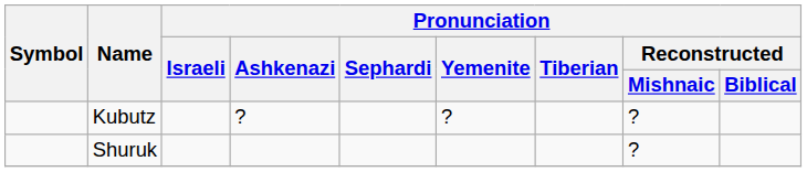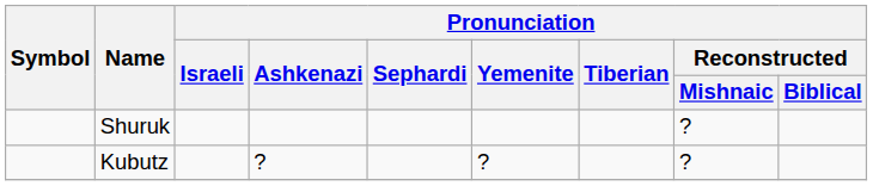 <table class="wikitable">
 <tr>
 <th rowspan=3>Symbol</th>
 <th rowspan=3>Name</th>
 <th ! colspan=7><a href='#'>Pronunciation</a></th>
 </tr>
 <tr>
 <th ! rowspan=2><a href='#'>Israeli</a></th>
 <th ! rowspan=2><a href='#'>Ashkenazi</a></th>
 <th ! rowspan=2><a href='#'>Sephardi</a></th>
 <th ! rowspan=2><a href='#'>Yemenite</a></th>
 <th ! rowspan=2><a href='#'>Tiberian</a></th>
 <th ! colspan=2>Reconstructed</th>
 </tr>
 <tr>
 <th><a href='#'>Mishnaic</a></th>
 <th><a href='#'>Biblical</a></th>
 </tr>
 <tr>
 <td align="center" style="font-family:SBL Hebrew, Ezra SIL SR, Ezra SIL, Cardo, Chrysanthi Unicode, TITUS Cyberbit Basic, Arial Unicode MS, Narkisim, Times New Roman;font-size:200%"></td>
+<td>Shuruk</td>
+<td></td>
+<td></td>
+<td></td>
+<td></td>
+<td></td>
+<td>?</td>
+<td></td>
+</tr>
+<tr>
+<td align="center" style="font-family:SBL Hebrew, Ezra SIL SR, Ezra SIL, Cardo, Chrysanthi Unicode, TITUS Cyberbit Basic, Arial Unicode MS, Narkisim, Times New Roman;font-size:200%"></td>
 <td>Kubutz</td>
 <td></td>
 <td>?</td>
 <td></td>
 <td>?</td>
 <td></td>
 <td>?</td>
 <td></td>
 </tr>
 <tr>
-<td align="center" style="font-family:SBL Hebrew, Ezra SIL SR, Ezra SIL, Cardo, Chrysanthi Unicode, TITUS Cyberbit Basic, Arial Unicode MS, Narkisim, Times New Roman;font-size:200%"></td>
-<td>Shuruk</td>
-<td></td>
-<td></td>
-<td></td>
-<td></td>
-<td></td>
-<td>?</td>
-<td></td>
-</tr>
-<tr>
 </tr>
 </table>
